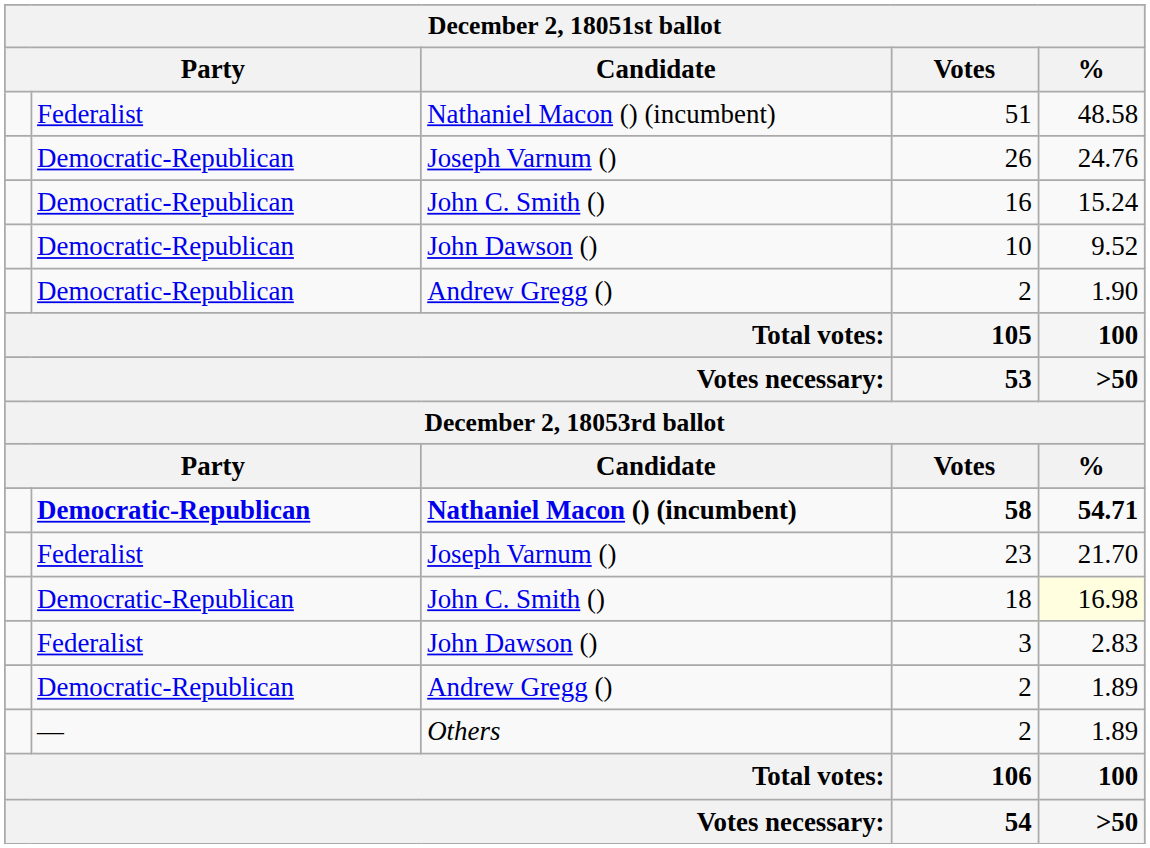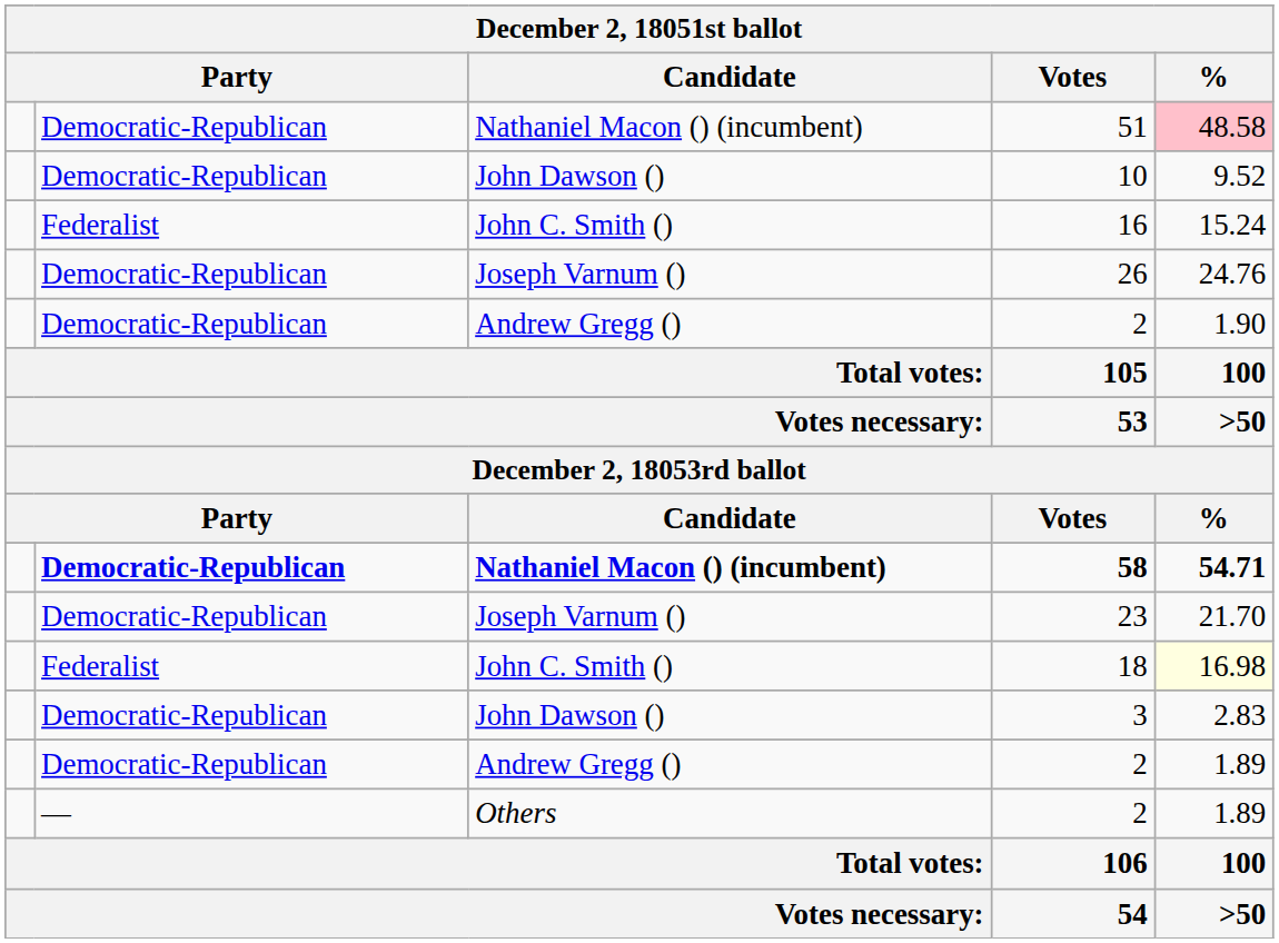 <table class="wikitable" style="margin-right:1em; font-size:95%">
 <tr>
 <th colspan=5 style="font-size:95%">December 2, 18051st ballot</th>
 </tr>
 <tr>
 <th scope="col" colspan="2" style="width: 15em">Party</th>
 <th scope="col" style="width: 17em">Candidate</th>
 <th scope="col" style="width: 5em">Votes</th>
 <th scope="col" style="width: 3.5em">%</th>
 </tr>
 <tr>
 <td style="width: 0.5em; background:"></td>
-<td><a href='#'>Federalist</a></td>
+<td><a href='#'>Democratic-Republican</a></td>
 <td><a href='#'>Nathaniel Macon</a> () (incumbent)</td>
 <td style="text-align:right">51</td>
-<td style="text-align:right">48.58</td>
+<td style="background: pink; text-align:right">48.58</td>
+</tr>
+<tr>
+<td style="background:"></td>
+<td><a href='#'>Democratic-Republican</a></td>
+<td><a href='#'>John Dawson</a> ()</td>
+<td style="text-align:right">10</td>
+<td style="text-align:right">9.52</td>
+</tr>
+<tr>
+<td style="background:"></td>
+<td><a href='#'>Federalist</a></td>
+<td><a href='#'>John C. Smith</a> ()</td>
+<td style="text-align:right">16</td>
+<td style="text-align:right">15.24</td>
 </tr>
 <tr>
 <td style="background:"></td>
 <td><a href='#'>Democratic-Republican</a></td>
 <td><a href='#'>Joseph Varnum</a> ()</td>
 <td style="text-align:right">26</td>
 <td style="text-align:right">24.76</td>
-</tr>
-<tr>
-<td style="background:"></td>
-<td><a href='#'>Democratic-Republican</a></td>
-<td><a href='#'>John C. Smith</a> ()</td>
-<td style="text-align:right">16</td>
-<td style="text-align:right">15.24</td>
-</tr>
-<tr>
-<td style="background:"></td>
-<td><a href='#'>Democratic-Republican</a></td>
-<td><a href='#'>John Dawson</a> ()</td>
-<td style="text-align:right">10</td>
-<td style="text-align:right">9.52</td>
 </tr>
 <tr>
 <td style="background:"></td>
 <td><a href='#'>Democratic-Republican</a></td>
 <td><a href='#'>Andrew Gregg</a> ()</td>
 <td style="text-align:right">2</td>
 <td style="text-align:right">1.90</td>
 </tr>
 <tr>
 <th colspan=3 style="text-align:right">Total votes:</th>
 <td style="text-align:right; background:#f5f5f5"><strong>105</strong></td>
 <td style="text-align:right; background:#f5f5f5"><strong>100</strong></td>
 </tr>
 <tr>
 <th colspan=3 style="text-align:right">Votes necessary:</th>
 <td style="text-align:right; background:#f5f5f5"><strong>53</strong></td>
 <td style="text-align:right; background:#f5f5f5"><strong>>50</strong></td>
 </tr>
 <tr>
 <th colspan=5 style="font-size:95%">December 2, 18053rd ballot</th>
 </tr>
 <tr>
 <th scope="col" colspan="2" style="width: 15em">Party</th>
 <th scope="col" style="width: 17em">Candidate</th>
 <th scope="col" style="width: 5em">Votes</th>
 <th scope="col" style="width: 3.5em">%</th>
 </tr>
 <tr>
 <td style="background:"></td>
 <td><strong><a href='#'>Democratic-Republican</a></strong></td>
 <td><strong><a href='#'>Nathaniel Macon</a> () (incumbent)</strong></td>
 <td style="text-align:right"><strong>58</strong></td>
 <td style="text-align:right"><strong>54.71</strong></td>
 </tr>
 <tr>
 <td style="background:"></td>
-<td><a href='#'>Federalist</a></td>
+<td><a href='#'>Democratic-Republican</a></td>
 <td><a href='#'>Joseph Varnum</a> ()</td>
 <td style="text-align:right">23</td>
 <td style="text-align:right">21.70</td>
 </tr>
 <tr>
 <td style="background:"></td>
-<td><a href='#'>Democratic-Republican</a></td>
+<td><a href='#'>Federalist</a></td>
 <td><a href='#'>John C. Smith</a> ()</td>
 <td style="text-align:right">18</td>
 <td style="background: lightyellow; text-align:right">16.98</td>
 </tr>
 <tr>
 <td style="background:"></td>
-<td><a href='#'>Federalist</a></td>
+<td><a href='#'>Democratic-Republican</a></td>
 <td><a href='#'>John Dawson</a> ()</td>
 <td style="text-align:right">3</td>
 <td style="text-align:right">2.83</td>
 </tr>
 <tr>
 <td style="background:"></td>
 <td><a href='#'>Democratic-Republican</a></td>
 <td><a href='#'>Andrew Gregg</a> ()</td>
 <td style="text-align:right">2</td>
 <td style="text-align:right">1.89</td>
 </tr>
 <tr>
 <td style="background:"></td>
 <td>—</td>
 <td><em>Others</em></td>
 <td style="text-align:right">2</td>
 <td style="text-align:right">1.89</td>
 </tr>
 <tr>
 <th colspan=3 style="text-align:right">Total votes:</th>
 <td style="text-align:right; background:#f5f5f5"><strong>106</strong></td>
 <td style="text-align:right; background:#f5f5f5"><strong>100</strong></td>
 </tr>
 <tr>
 <th colspan=3 style="text-align:right">Votes necessary:</th>
 <td style="text-align:right; background:#f5f5f5"><strong>54</strong></td>
 <td style="text-align:right; background:#f5f5f5"><strong>>50</strong></td>
 </tr>
 </table>
